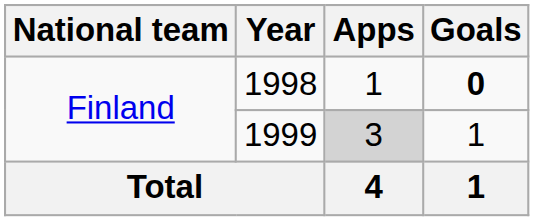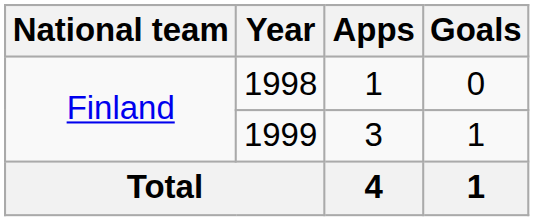 <table class="wikitable" style="text-align:center">
 <tr>
 <th>National team</th>
 <th>Year</th>
 <th>Apps</th>
 <th>Goals</th>
 </tr>
 <tr>
 <td rowspan="2"><a href='#'>Finland</a></td>
 <td>1998</td>
 <td>1</td>
-<td><strong>0</strong></td>
+<td>0</td>
 </tr>
 <tr>
 <td>1999</td>
-<td style="background: lightgrey;">3</td>
+<td>3</td>
 <td>1</td>
 </tr>
 <tr>
 <th colspan="2">Total</th>
 <th>4</th>
 <th>1</th>
 </tr>
 </table>
